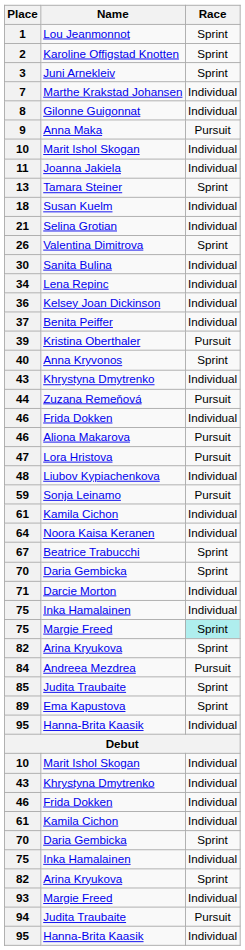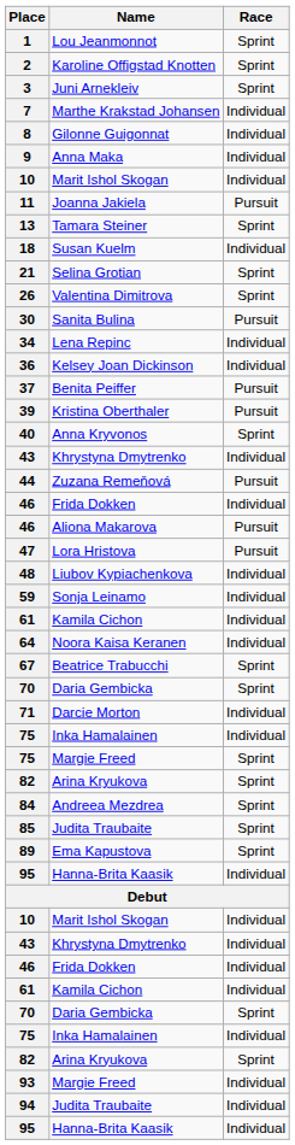 <table class="wikitable plainrowheaders" style="font-size:80%; text-align:center; display:inline-table;">
 <tr>
 <th>Place</th>
 <th>Name</th>
 <th>Race</th>
 </tr>
 <tr>
 <th>1</th>
 <td style="text-align:left"> <a href='#'>Lou Jeanmonnot</a></td>
 <td>Sprint</td>
 </tr>
 <tr>
 <th>2</th>
 <td style="text-align:left"> <a href='#'>Karoline Offigstad Knotten</a></td>
 <td>Sprint</td>
 </tr>
 <tr>
 <th>3</th>
 <td style="text-align:left"> <a href='#'>Juni Arnekleiv</a></td>
 <td>Sprint</td>
 </tr>
 <tr>
 <th>7</th>
 <td style="text-align:left"> <a href='#'>Marthe Krakstad Johansen</a></td>
 <td>Individual</td>
 </tr>
 <tr>
 <th>8</th>
 <td style="text-align:left"> <a href='#'>Gilonne Guigonnat</a></td>
 <td>Individual</td>
 </tr>
 <tr>
 <th>9</th>
 <td style="text-align:left"> <a href='#'>Anna Maka</a></td>
-<td>Pursuit</td>
+<td>Individual</td>
 </tr>
 <tr>
 <th>10</th>
 <td style="text-align:left"> <a href='#'>Marit Ishol Skogan</a></td>
 <td>Individual</td>
 </tr>
 <tr>
 <th>11</th>
 <td style="text-align:left"> <a href='#'>Joanna Jakiela</a></td>
-<td>Individual</td>
+<td>Pursuit</td>
 </tr>
 <tr>
 <th>13</th>
 <td style="text-align:left"> <a href='#'>Tamara Steiner</a></td>
 <td>Sprint</td>
 </tr>
 <tr>
 <th>18</th>
 <td style="text-align:left"> <a href='#'>Susan Kuelm</a></td>
 <td>Individual</td>
 </tr>
 <tr>
 <th>21</th>
 <td style="text-align:left"> <a href='#'>Selina Grotian</a></td>
-<td>Individual</td>
+<td>Sprint</td>
 </tr>
 <tr>
 <th>26</th>
 <td style="text-align:left"> <a href='#'>Valentina Dimitrova</a></td>
 <td>Sprint</td>
 </tr>
 <tr>
 <th>30</th>
 <td style="text-align:left"> <a href='#'>Sanita Bulina</a></td>
-<td>Individual</td>
+<td>Pursuit</td>
 </tr>
 <tr>
 <th>34</th>
 <td style="text-align:left"> <a href='#'>Lena Repinc</a></td>
 <td>Individual</td>
 </tr>
 <tr>
 <th>36</th>
 <td style="text-align:left"> <a href='#'>Kelsey Joan Dickinson</a></td>
 <td>Individual</td>
 </tr>
 <tr>
 <th>37</th>
 <td style="text-align:left"> <a href='#'>Benita Peiffer</a></td>
-<td>Individual</td>
+<td>Pursuit</td>
 </tr>
 <tr>
 <th>39</th>
 <td style="text-align:left"> <a href='#'>Kristina Oberthaler</a></td>
 <td>Pursuit</td>
 </tr>
 <tr>
 <th>40</th>
 <td style="text-align:left"> <a href='#'>Anna Kryvonos</a></td>
 <td>Sprint</td>
 </tr>
 <tr>
 <th>43</th>
 <td style="text-align:left"> <a href='#'>Khrystyna Dmytrenko</a></td>
 <td>Individual</td>
 </tr>
 <tr>
 <th>44</th>
 <td style="text-align:left"> <a href='#'>Zuzana Remeňová</a></td>
 <td>Pursuit</td>
 </tr>
 <tr>
 <th>46</th>
 <td style="text-align:left"> <a href='#'>Frida Dokken</a></td>
 <td>Individual</td>
 </tr>
 <tr>
 <th>46</th>
 <td style="text-align:left"> <a href='#'>Aliona Makarova</a></td>
 <td>Pursuit</td>
 </tr>
 <tr>
 <th>47</th>
 <td style="text-align:left"> <a href='#'>Lora Hristova</a></td>
 <td>Pursuit</td>
 </tr>
 <tr>
 <th>48</th>
 <td style="text-align:left"> <a href='#'>Liubov Kypiachenkova</a></td>
 <td>Individual</td>
 </tr>
 <tr>
 <th>59</th>
 <td style="text-align:left"> <a href='#'>Sonja Leinamo</a></td>
-<td>Pursuit</td>
+<td>Individual</td>
 </tr>
 <tr>
 <th>61</th>
 <td style="text-align:left"> <a href='#'>Kamila Cichon</a></td>
 <td>Individual</td>
 </tr>
 <tr>
 <th>64</th>
 <td style="text-align:left"> <a href='#'>Noora Kaisa Keranen</a></td>
 <td>Individual</td>
 </tr>
 <tr>
 <th>67</th>
 <td style="text-align:left"> <a href='#'>Beatrice Trabucchi</a></td>
 <td>Sprint</td>
 </tr>
 <tr>
 <th>70</th>
 <td style="text-align:left"> <a href='#'>Daria Gembicka</a></td>
 <td>Sprint</td>
 </tr>
 <tr>
 <th>71</th>
 <td style="text-align:left"> <a href='#'>Darcie Morton</a></td>
 <td>Individual</td>
 </tr>
 <tr>
 <th>75</th>
 <td style="text-align:left"> <a href='#'>Inka Hamalainen</a></td>
 <td>Individual</td>
 </tr>
 <tr>
 <th>75</th>
 <td style="text-align:left"> <a href='#'>Margie Freed</a></td>
-<td style="background: paleturquoise;">Sprint</td>
+<td>Sprint</td>
 </tr>
 <tr>
 <th>82</th>
 <td style="text-align:left"> <a href='#'>Arina Kryukova</a></td>
 <td>Sprint</td>
 </tr>
 <tr>
 <th>84</th>
 <td style="text-align:left"> <a href='#'>Andreea Mezdrea</a></td>
-<td>Pursuit</td>
+<td>Sprint</td>
 </tr>
 <tr>
 <th>85</th>
 <td style="text-align:left"> <a href='#'>Judita Traubaite</a></td>
 <td>Sprint</td>
 </tr>
 <tr>
 <th>89</th>
 <td style="text-align:left"> <a href='#'>Ema Kapustova</a></td>
 <td>Sprint</td>
 </tr>
 <tr>
 <th>95</th>
 <td style="text-align:left"> <a href='#'>Hanna-Brita Kaasik</a></td>
 <td>Individual</td>
 </tr>
 <tr>
 <th colspan=4>Debut</th>
 </tr>
 <tr>
 <th>10</th>
 <td style="text-align:left"> <a href='#'>Marit Ishol Skogan</a></td>
 <td>Individual</td>
 </tr>
 <tr>
 <th>43</th>
 <td style="text-align:left"> <a href='#'>Khrystyna Dmytrenko</a></td>
 <td>Individual</td>
 </tr>
 <tr>
 <th>46</th>
 <td style="text-align:left"> <a href='#'>Frida Dokken</a></td>
 <td>Individual</td>
 </tr>
 <tr>
 <th>61</th>
 <td style="text-align:left"> <a href='#'>Kamila Cichon</a></td>
 <td>Individual</td>
 </tr>
 <tr>
 <th>70</th>
 <td style="text-align:left"> <a href='#'>Daria Gembicka</a></td>
 <td>Sprint</td>
 </tr>
 <tr>
 <th>75</th>
 <td style="text-align:left"> <a href='#'>Inka Hamalainen</a></td>
 <td>Individual</td>
 </tr>
 <tr>
 <th>82</th>
 <td style="text-align:left"> <a href='#'>Arina Kryukova</a></td>
 <td>Sprint</td>
 </tr>
 <tr>
 <th>93</th>
 <td style="text-align:left"> <a href='#'>Margie Freed</a></td>
 <td>Individual</td>
 </tr>
 <tr>
 <th>94</th>
 <td style="text-align:left"> <a href='#'>Judita Traubaite</a></td>
-<td>Pursuit</td>
+<td>Individual</td>
 </tr>
 <tr>
 <th>95</th>
 <td style="text-align:left"> <a href='#'>Hanna-Brita Kaasik</a></td>
 <td>Individual</td>
 </tr>
 </table>
